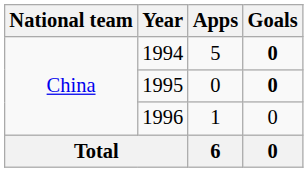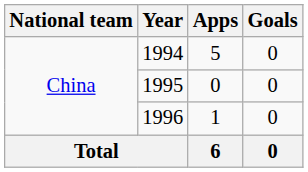 <table class="wikitable" style="text-align:center">
 <tr>
 <th>National team</th>
 <th>Year</th>
 <th>Apps</th>
 <th>Goals</th>
 </tr>
 <tr>
 <td rowspan="3"><a href='#'>China</a></td>
 <td>1994</td>
 <td>5</td>
-<td><strong>0</strong></td>
+<td>0</td>
 </tr>
 <tr>
 <td>1995</td>
 <td>0</td>
-<td><strong>0</strong></td>
+<td>0</td>
 </tr>
 <tr>
 <td>1996</td>
 <td>1</td>
 <td>0</td>
 </tr>
 <tr>
 <th colspan=2>Total</th>
 <th>6</th>
 <th>0</th>
 </tr>
 </table>
